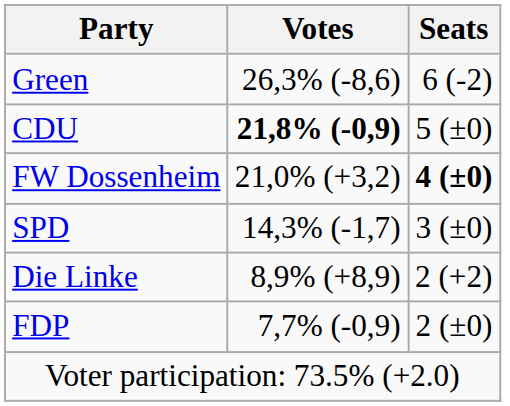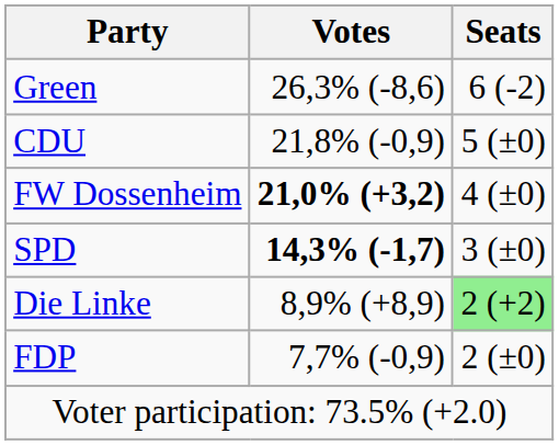 <table class="wikitable">
 <tr>
 <th>Party</th>
 <th>Votes</th>
 <th>Seats</th>
 </tr>
 <tr>
 <td><a href='#'>Green</a></td>
 <td align=right>26,3% (-8,6)</td>
 <td align=right>6 (-2)</td>
 </tr>
 <tr>
 <td><a href='#'>CDU</a></td>
-<td align=right><strong>21,8% (-0,9)</strong></td>
+<td align=right>21,8% (-0,9)</td>
 <td align=right>5 (±0)</td>
 </tr>
 <tr>
 <td><a href='#'>FW Dossenheim</a></td>
-<td align=right>21,0% (+3,2)</td>
-<td align=right><strong>4 (±0)</strong></td>
+<td align=right><strong>21,0% (+3,2)</strong></td>
+<td align=right>4 (±0)</td>
 </tr>
 <tr>
 <td><a href='#'>SPD</a></td>
-<td align=right>14,3% (-1,7)</td>
+<td align=right><strong>14,3% (-1,7)</strong></td>
 <td align=right>3 (±0)</td>
 </tr>
 <tr>
 <td><a href='#'>Die Linke</a></td>
 <td align=right>8,9% (+8,9)</td>
-<td align=right>2 (+2)</td>
+<td align=right style="background: lightgreen;">2 (+2)</td>
 </tr>
 <tr>
 <td><a href='#'>FDP</a></td>
 <td align=right>7,7% (-0,9)</td>
 <td align=right>2 (±0)</td>
 </tr>
 <tr>
 <td colspan=6 align=center>Voter participation: 73.5% (+2.0)</td>
 </tr>
 </table>
